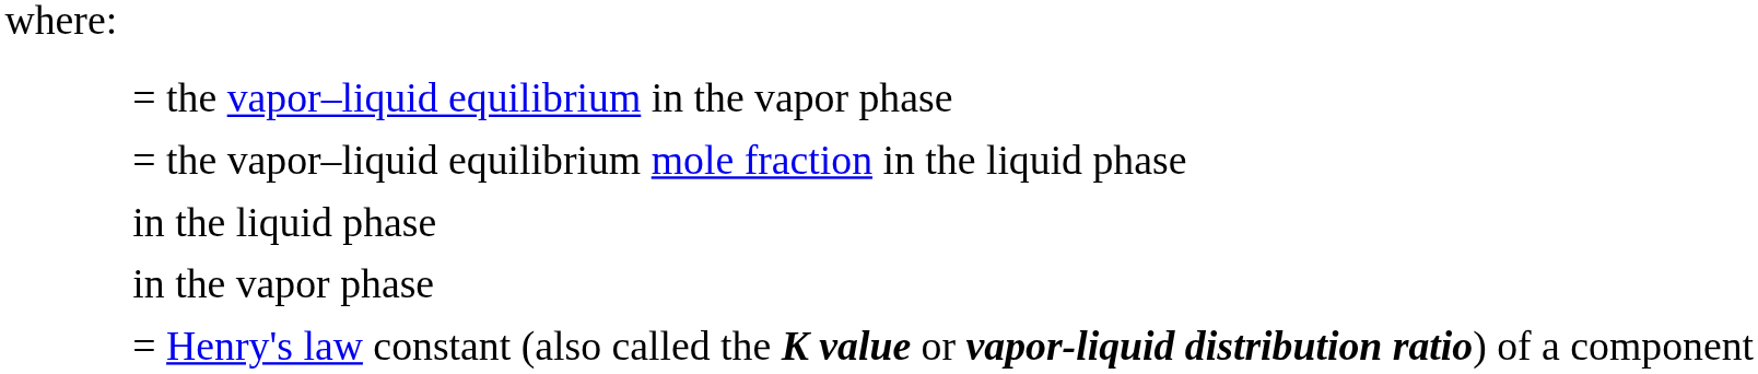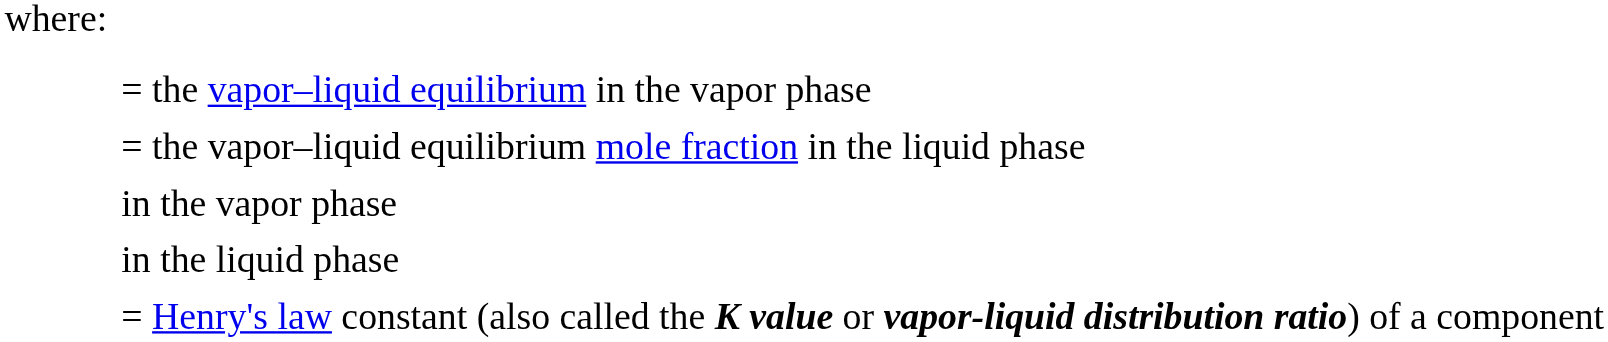 <table border="0" cellpadding="2">
 <tr>
 <td align=right>where:</td>
 <td> </td>
 </tr>
 <tr>
 <th align=right></th>
 <td align=left></td>
 </tr>
 <tr>
 <th align=right></th>
 <td align=left>= the <a href='#'>vapor–liquid equilibrium</a> in the vapor phase</td>
 </tr>
 <tr>
 <th align=right></th>
 <td align=left>= the vapor–liquid equilibrium <a href='#'>mole fraction</a> in the liquid phase</td>
 </tr>
 <tr>
 <th align=right></th>
-<td align=left> in the liquid phase</td>
+<td align=left> in the vapor phase</td>
 </tr>
 <tr>
 <th align=right></th>
-<td align=left> in the vapor phase</td>
+<td align=left> in the liquid phase</td>
 </tr>
 <tr>
 <th align=right></th>
 <td align=left>= <a href='#'>Henry's law</a> constant (also called the <strong><em>K value</em></strong> or <strong><em>vapor-liquid distribution ratio</em></strong>) of a component</td>
 </tr>
 </table>
